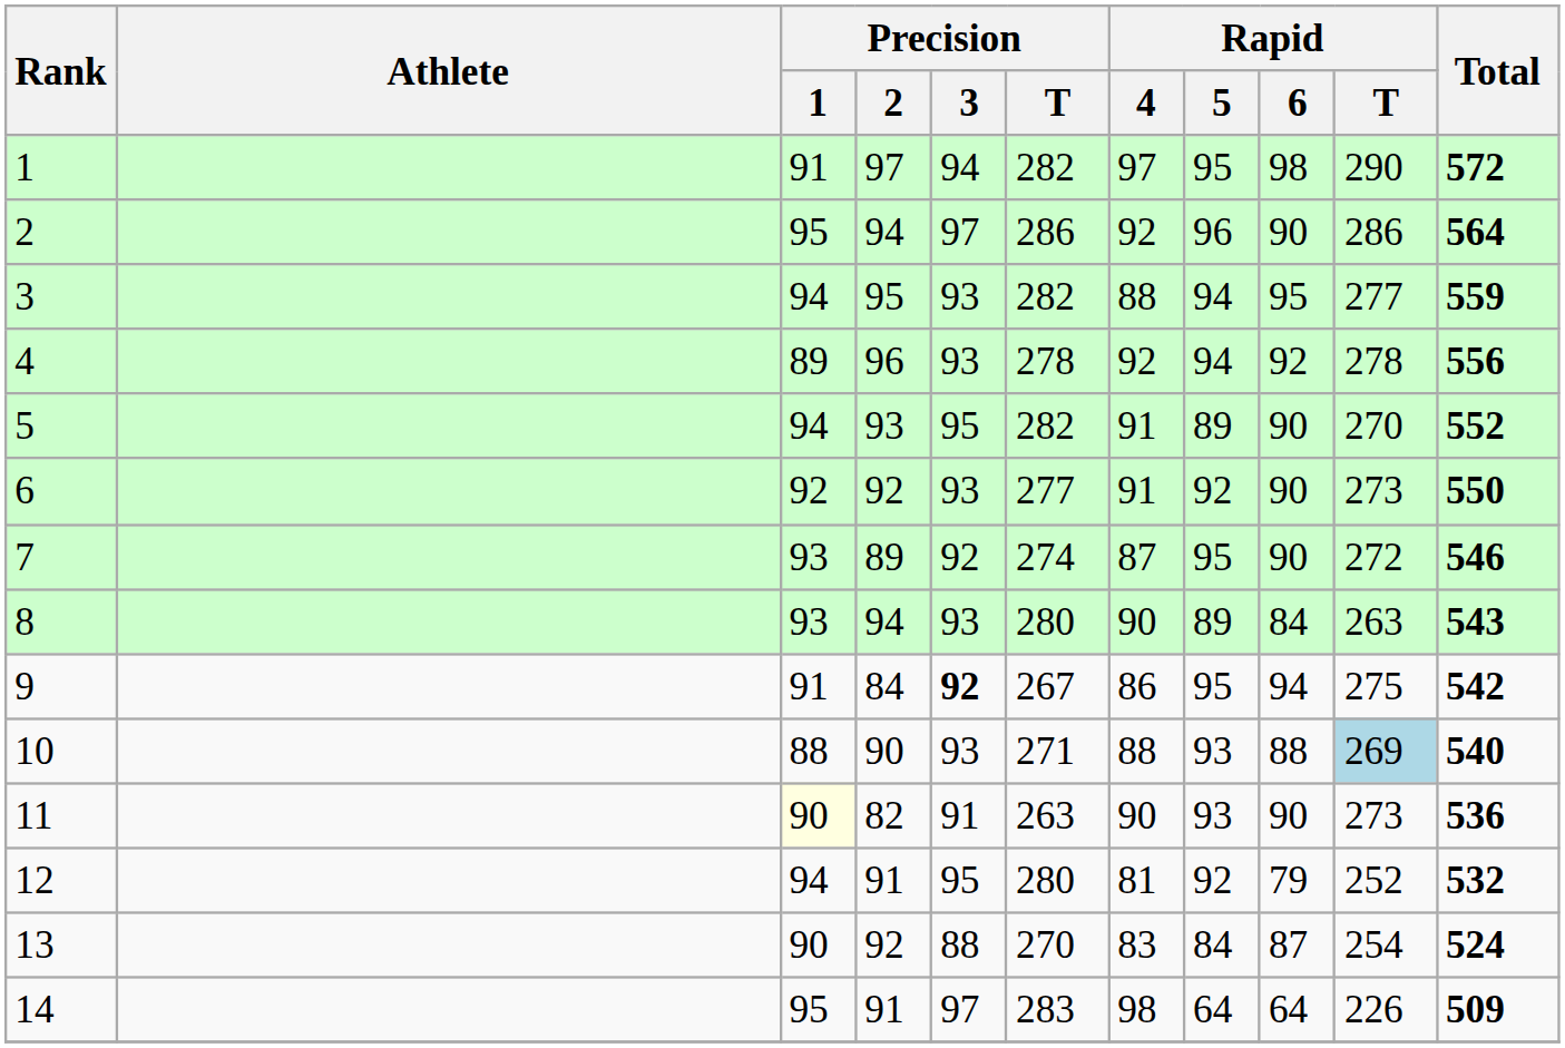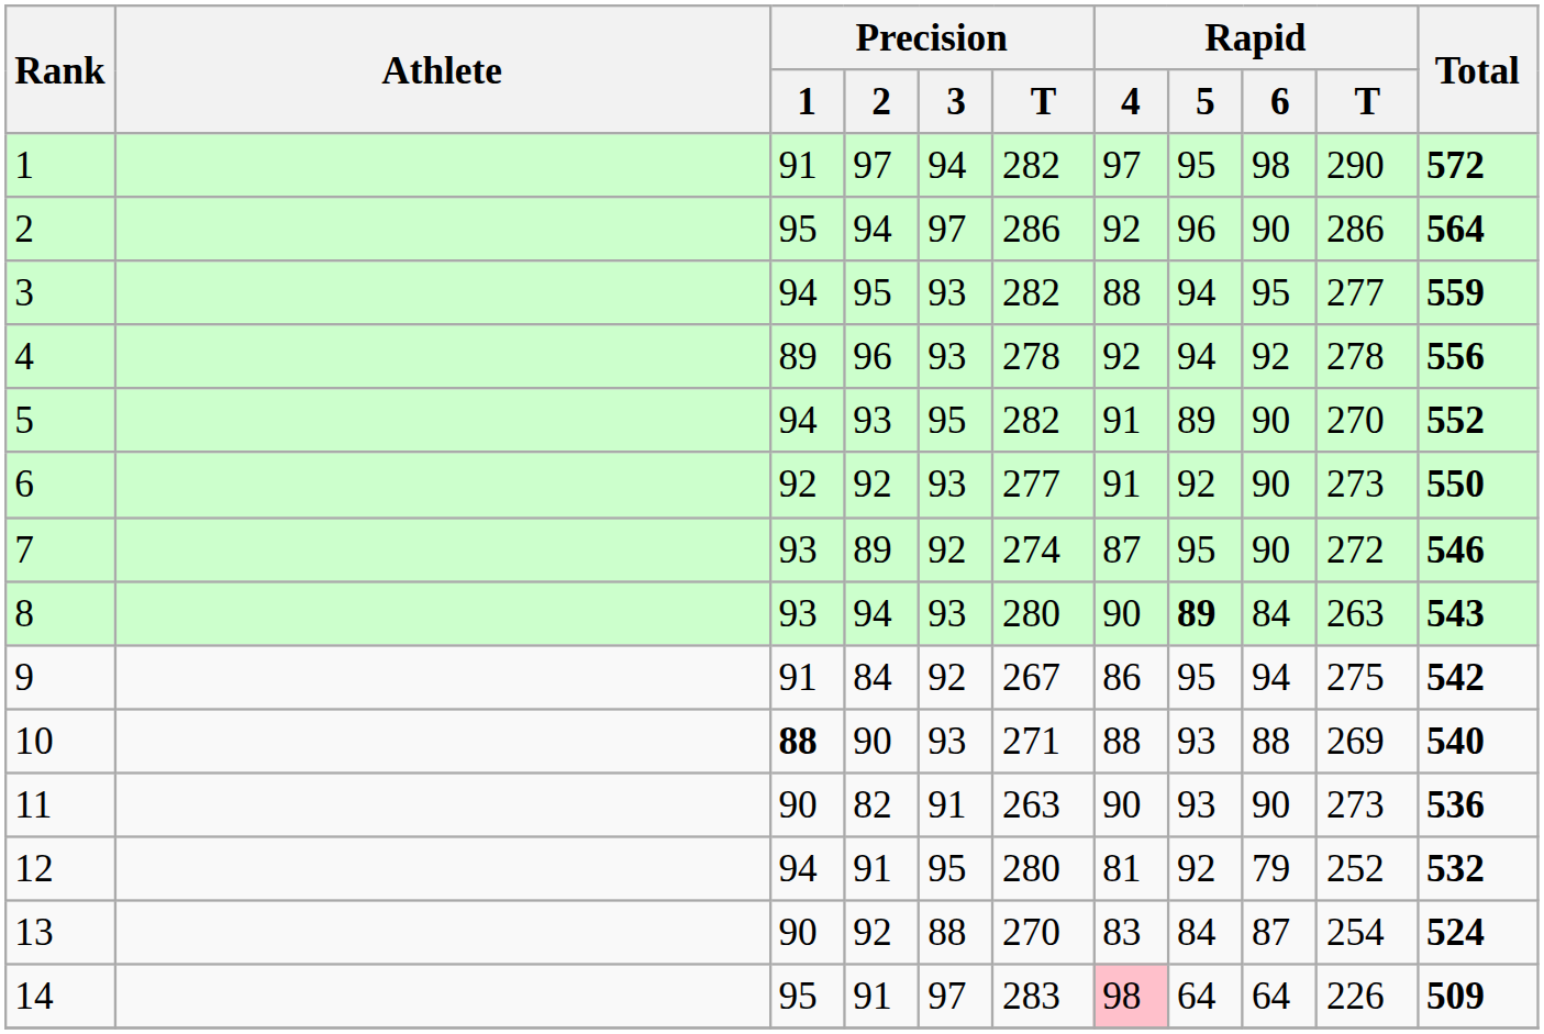 <table class="wikitable" style="font-size:95%" style="width:35em;" style="text-align:center">
 <tr>
 <th rowspan=2>Rank</th>
 <th rowspan=2 width=250>Athlete</th>
 <th colspan=4 width=120>Precision</th>
 <th colspan=4 width=120>Rapid</th>
 <th rowspan=2 width=40>Total</th>
 </tr>
 <tr>
 <th>1</th>
 <th>2</th>
 <th>3</th>
 <th>T</th>
 <th>4</th>
 <th>5</th>
 <th>6</th>
 <th>T</th>
 </tr>
 <tr bgcolor=ccffcc>
 <td>1</td>
 <td align=left></td>
 <td>91</td>
 <td>97</td>
 <td>94</td>
 <td>282</td>
 <td>97</td>
 <td>95</td>
 <td>98</td>
 <td>290</td>
 <td><strong>572</strong></td>
 </tr>
 <tr bgcolor=ccffcc>
 <td>2</td>
 <td align=left></td>
 <td>95</td>
 <td>94</td>
 <td>97</td>
 <td>286</td>
 <td>92</td>
 <td>96</td>
 <td>90</td>
 <td>286</td>
 <td><strong>564</strong></td>
 </tr>
 <tr bgcolor=ccffcc>
 <td>3</td>
 <td align=left></td>
 <td>94</td>
 <td>95</td>
 <td>93</td>
 <td>282</td>
 <td>88</td>
 <td>94</td>
 <td>95</td>
 <td>277</td>
 <td><strong>559</strong></td>
 </tr>
 <tr bgcolor=ccffcc>
 <td>4</td>
 <td align=left></td>
 <td>89</td>
 <td>96</td>
 <td>93</td>
 <td>278</td>
 <td>92</td>
 <td>94</td>
 <td>92</td>
 <td>278</td>
 <td><strong>556</strong></td>
 </tr>
 <tr bgcolor=ccffcc>
 <td>5</td>
 <td align=left></td>
 <td>94</td>
 <td>93</td>
 <td>95</td>
 <td>282</td>
 <td>91</td>
 <td>89</td>
 <td>90</td>
 <td>270</td>
 <td><strong>552</strong></td>
 </tr>
 <tr bgcolor=ccffcc>
 <td>6</td>
 <td align=left></td>
 <td>92</td>
 <td>92</td>
 <td>93</td>
 <td>277</td>
 <td>91</td>
 <td>92</td>
 <td>90</td>
 <td>273</td>
 <td><strong>550</strong></td>
 </tr>
 <tr bgcolor=ccffcc>
 <td>7</td>
 <td align=left></td>
 <td>93</td>
 <td>89</td>
 <td>92</td>
 <td>274</td>
 <td>87</td>
 <td>95</td>
 <td>90</td>
 <td>272</td>
 <td><strong>546</strong></td>
 </tr>
 <tr bgcolor=ccffcc>
 <td>8</td>
 <td align=left></td>
 <td>93</td>
 <td>94</td>
 <td>93</td>
 <td>280</td>
 <td>90</td>
-<td>89</td>
+<td><strong>89</strong></td>
 <td>84</td>
 <td>263</td>
 <td><strong>543</strong></td>
 </tr>
 <tr>
 <td>9</td>
 <td align=left></td>
 <td>91</td>
 <td>84</td>
-<td><strong>92</strong></td>
+<td>92</td>
 <td>267</td>
 <td>86</td>
 <td>95</td>
 <td>94</td>
 <td>275</td>
 <td><strong>542</strong></td>
 </tr>
 <tr>
 <td>10</td>
 <td align=left></td>
-<td>88</td>
+<td><strong>88</strong></td>
 <td>90</td>
 <td>93</td>
 <td>271</td>
 <td>88</td>
 <td>93</td>
 <td>88</td>
-<td style="background: lightblue;">269</td>
+<td>269</td>
 <td><strong>540</strong></td>
 </tr>
 <tr>
 <td>11</td>
 <td align=left></td>
-<td style="background: lightyellow;">90</td>
+<td>90</td>
 <td>82</td>
 <td>91</td>
 <td>263</td>
 <td>90</td>
 <td>93</td>
 <td>90</td>
 <td>273</td>
 <td><strong>536</strong></td>
 </tr>
 <tr>
 <td>12</td>
 <td align=left></td>
 <td>94</td>
 <td>91</td>
 <td>95</td>
 <td>280</td>
 <td>81</td>
 <td>92</td>
 <td>79</td>
 <td>252</td>
 <td><strong>532</strong></td>
 </tr>
 <tr>
 <td>13</td>
 <td align=left></td>
 <td>90</td>
 <td>92</td>
 <td>88</td>
 <td>270</td>
 <td>83</td>
 <td>84</td>
 <td>87</td>
 <td>254</td>
 <td><strong>524</strong></td>
 </tr>
 <tr>
 <td>14</td>
 <td align=left></td>
 <td>95</td>
 <td>91</td>
 <td>97</td>
 <td>283</td>
-<td>98</td>
+<td style="background: pink;">98</td>
 <td>64</td>
 <td>64</td>
 <td>226</td>
 <td><strong>509</strong></td>
 </tr>
 <tr>
 </tr>
 </table>
